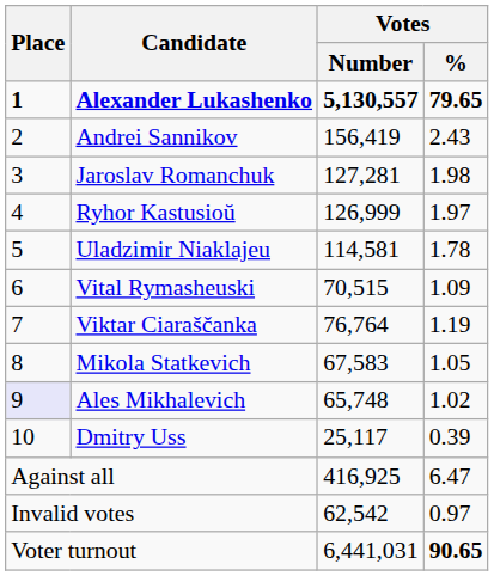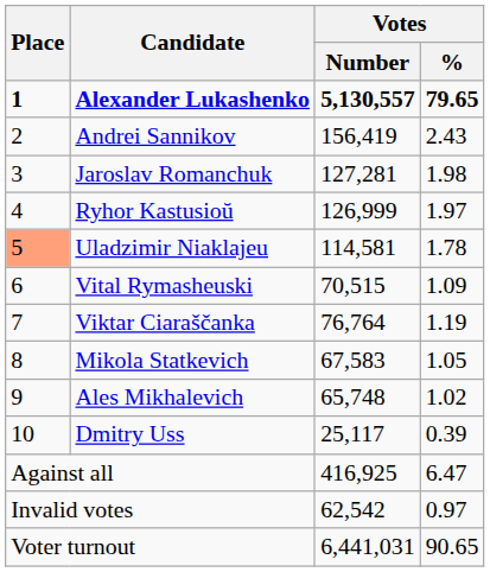 <table class="wikitable">
 <tr>
 <th rowspan="2">Place</th>
 <th rowspan="2">Candidate</th>
 <th colspan="2">Votes</th>
 </tr>
 <tr>
 <th>Number</th>
 <th>%</th>
 </tr>
 <tr>
 <td><strong>1</strong></td>
 <td><strong><a href='#'>Alexander Lukashenko</a></strong></td>
 <td><strong>5,130,557</strong></td>
 <td><strong>79.65</strong></td>
 </tr>
 <tr>
 <td>2</td>
 <td><a href='#'>Andrei Sannikov</a></td>
 <td>156,419</td>
 <td>2.43</td>
 </tr>
 <tr>
 <td>3</td>
 <td><a href='#'>Jaroslav Romanchuk</a></td>
 <td>127,281</td>
 <td>1.98</td>
 </tr>
 <tr>
 <td>4</td>
 <td><a href='#'>Ryhor Kastusioŭ</a></td>
 <td>126,999</td>
 <td>1.97</td>
 </tr>
 <tr>
-<td>5</td>
+<td style="background: lightsalmon;">5</td>
 <td><a href='#'>Uladzimir Niaklajeu</a></td>
 <td>114,581</td>
 <td>1.78</td>
 </tr>
 <tr>
 <td>6</td>
 <td><a href='#'>Vital Rymasheuski</a></td>
 <td>70,515</td>
 <td>1.09</td>
 </tr>
 <tr>
 <td>7</td>
 <td><a href='#'>Viktar Ciaraščanka</a></td>
 <td>76,764</td>
 <td>1.19</td>
 </tr>
 <tr>
 <td>8</td>
 <td><a href='#'>Mikola Statkevich</a></td>
 <td>67,583</td>
 <td>1.05</td>
 </tr>
 <tr>
-<td style="background: lavender;">9</td>
+<td>9</td>
 <td><a href='#'>Ales Mikhalevich</a></td>
 <td>65,748</td>
 <td>1.02</td>
 </tr>
 <tr>
 <td>10</td>
 <td><a href='#'>Dmitry Uss</a></td>
 <td>25,117</td>
 <td>0.39</td>
 </tr>
 <tr>
 <td colspan="2">Against all</td>
 <td>416,925</td>
 <td>6.47</td>
 </tr>
 <tr>
 <td colspan="2">Invalid votes</td>
 <td>62,542</td>
 <td>0.97</td>
 </tr>
 <tr>
 <td colspan="2">Voter turnout</td>
 <td>6,441,031</td>
-<td><strong>90.65</strong></td>
+<td>90.65</td>
 </tr>
 </table>
